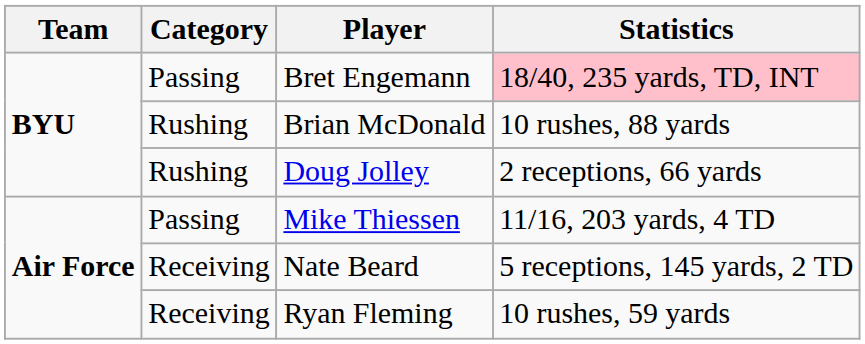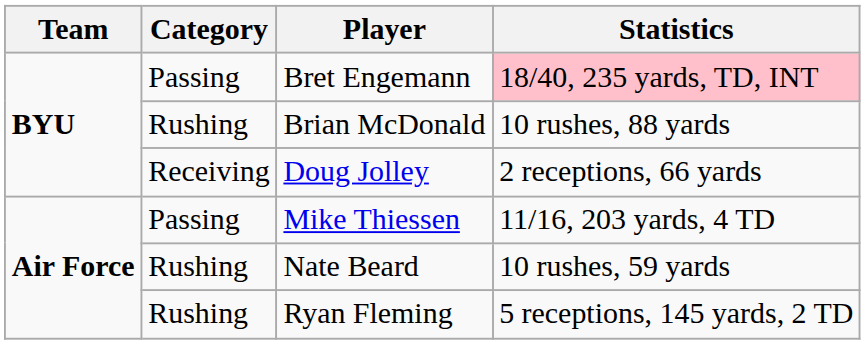 <table class="wikitable" style="float: left;">
 <tr>
 <th>Team</th>
 <th>Category</th>
 <th>Player</th>
 <th>Statistics</th>
 </tr>
 <tr>
 <td rowspan=3><strong>BYU</strong></td>
 <td>Passing</td>
 <td>Bret Engemann</td>
 <td style="background: pink;">18/40, 235 yards, TD, INT</td>
 </tr>
 <tr>
 <td>Rushing</td>
 <td>Brian McDonald</td>
 <td>10 rushes, 88 yards</td>
 </tr>
 <tr>
-<td>Rushing</td>
+<td>Receiving</td>
 <td><a href='#'>Doug Jolley</a></td>
 <td>2 receptions, 66 yards</td>
 </tr>
 <tr>
 <td rowspan=3><strong>Air Force</strong></td>
 <td>Passing</td>
 <td><a href='#'>Mike Thiessen</a></td>
 <td>11/16, 203 yards, 4 TD</td>
 </tr>
 <tr>
-<td>Receiving</td>
+<td>Rushing</td>
 <td>Nate Beard</td>
+<td>10 rushes, 59 yards</td>
+</tr>
+<tr>
+<td>Rushing</td>
+<td>Ryan Fleming</td>
 <td>5 receptions, 145 yards, 2 TD</td>
 </tr>
-<tr>
-<td>Receiving</td>
-<td>Ryan Fleming</td>
-<td>10 rushes, 59 yards</td>
-</tr>
 </table>
